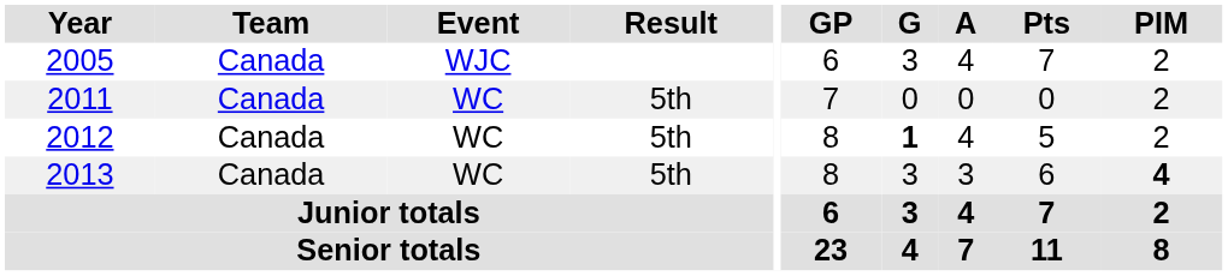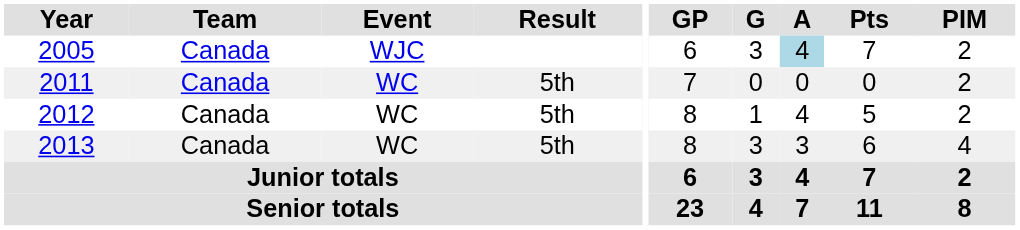 <table border="0" cellpadding="1" cellspacing="0" ID="Table3" style="text-align:center; width:40em;">
 <tr bgcolor="#e0e0e0">
 <th>Year</th>
 <th>Team</th>
 <th>Event</th>
 <th>Result</th>
 <th rowspan="99" bgcolor="#ffffff"></th>
 <th>GP</th>
 <th>G</th>
 <th>A</th>
 <th>Pts</th>
 <th>PIM</th>
 </tr>
 <tr>
 <td><a href='#'>2005</a></td>
 <td><a href='#'>Canada</a></td>
 <td><a href='#'>WJC</a></td>
 <td></td>
 <td>6</td>
 <td>3</td>
-<td>4</td>
+<td style="background: lightblue;">4</td>
 <td>7</td>
 <td>2</td>
 </tr>
 <tr bgcolor="#f0f0f0">
 <td><a href='#'>2011</a></td>
 <td><a href='#'>Canada</a></td>
 <td><a href='#'>WC</a></td>
 <td>5th</td>
 <td>7</td>
 <td>0</td>
 <td>0</td>
 <td>0</td>
 <td>2</td>
 </tr>
 <tr>
 <td><a href='#'>2012</a></td>
 <td>Canada</td>
 <td>WC</td>
 <td>5th</td>
 <td>8</td>
-<td><strong>1</strong></td>
+<td>1</td>
 <td>4</td>
 <td>5</td>
 <td>2</td>
 </tr>
 <tr bgcolor="#f0f0f0">
 <td><a href='#'>2013</a></td>
 <td>Canada</td>
 <td>WC</td>
 <td>5th</td>
 <td>8</td>
 <td>3</td>
 <td>3</td>
 <td>6</td>
-<td><strong>4</strong></td>
+<td>4</td>
 </tr>
 <tr bgcolor="#e0e0e0">
 <th colspan="4">Junior totals</th>
 <th>6</th>
 <th>3</th>
 <th>4</th>
 <th>7</th>
 <th>2</th>
 </tr>
 <tr bgcolor="#e0e0e0">
 <th colspan="4">Senior totals</th>
 <th>23</th>
 <th>4</th>
 <th>7</th>
 <th>11</th>
 <th>8</th>
 </tr>
 </table>
